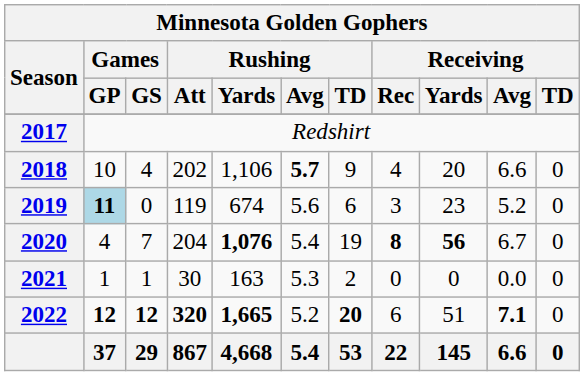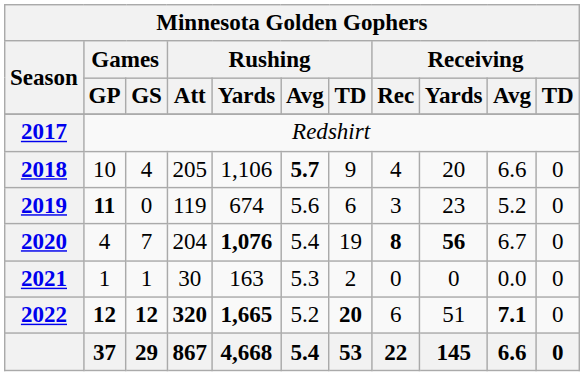 <table class="wikitable" style="text-align:center;">
 <tr>
 <th colspan="11">Minnesota Golden Gophers</th>
 </tr>
 <tr>
 <th rowspan="2">Season</th>
 <th colspan="2">Games</th>
 <th colspan="4">Rushing</th>
 <th colspan="4">Receiving</th>
 </tr>
 <tr>
 <th>GP</th>
 <th>GS</th>
 <th>Att</th>
 <th>Yards</th>
 <th>Avg</th>
 <th>TD</th>
 <th>Rec</th>
 <th>Yards</th>
 <th>Avg</th>
 <th>TD</th>
 </tr>
 <tr>
 </tr>
 <tr>
 <th><a href='#'>2017</a></th>
 <td colspan="11"><em>Redshirt </em></td>
 </tr>
 <tr>
 <th><a href='#'>2018</a></th>
 <td>10</td>
 <td>4</td>
-<td>202</td>
+<td>205</td>
 <td>1,106</td>
 <td><strong>5.7</strong></td>
 <td>9</td>
 <td>4</td>
 <td>20</td>
 <td>6.6</td>
 <td>0</td>
 </tr>
 <tr>
 <th><a href='#'>2019</a></th>
-<td style="background: lightblue;"><strong>11</strong></td>
+<td><strong>11</strong></td>
 <td>0</td>
 <td>119</td>
 <td>674</td>
 <td>5.6</td>
 <td>6</td>
 <td>3</td>
 <td>23</td>
 <td>5.2</td>
 <td>0</td>
 </tr>
 <tr>
 <th><a href='#'>2020</a></th>
 <td>4</td>
 <td>7</td>
 <td>204</td>
 <td><strong>1,076</strong></td>
 <td>5.4</td>
 <td>19</td>
 <td><strong>8</strong></td>
 <td><strong>56</strong></td>
 <td>6.7</td>
 <td>0</td>
 </tr>
 <tr>
 <th><a href='#'>2021</a></th>
 <td>1</td>
 <td>1</td>
 <td>30</td>
 <td>163</td>
 <td>5.3</td>
 <td>2</td>
 <td>0</td>
 <td>0</td>
 <td>0.0</td>
 <td>0</td>
 </tr>
 <tr>
 <th><a href='#'>2022</a></th>
 <td><strong>12</strong></td>
 <td><strong>12</strong></td>
 <td><strong>320</strong></td>
 <td><strong>1,665</strong></td>
 <td>5.2</td>
 <td><strong>20</strong></td>
 <td>6</td>
 <td>51</td>
 <td><strong>7.1</strong></td>
 <td>0</td>
 </tr>
 <tr>
 <th></th>
 <th>37</th>
 <th>29</th>
 <th>867</th>
 <th>4,668</th>
 <th>5.4</th>
 <th>53</th>
 <th>22</th>
 <th>145</th>
 <th>6.6</th>
 <th>0</th>
 </tr>
 </table>
